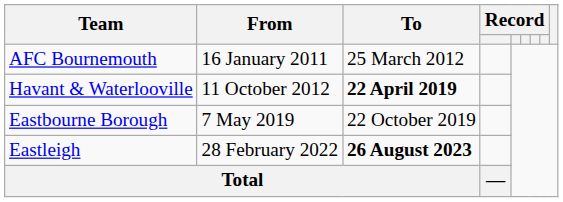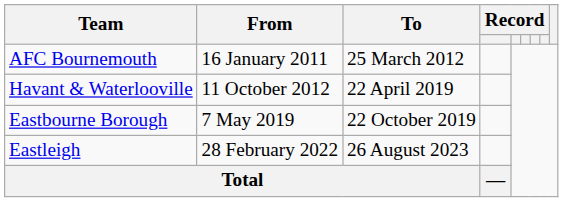 <table class=wikitable style=text-align:center>
 <tr>
 <th rowspan=2>Team</th>
 <th rowspan=2>From</th>
 <th rowspan=2>To</th>
 <th colspan=5>Record</th>
 <th rowspan=2></th>
 </tr>
 <tr>
 <th></th>
 <th></th>
 <th></th>
 <th></th>
 <th></th>
 </tr>
 <tr>
 <td align=left><a href='#'>AFC Bournemouth</a></td>
 <td align=left>16 January 2011</td>
 <td align=left>25 March 2012<br></td>
 <td></td>
 </tr>
 <tr>
 <td align=left><a href='#'>Havant & Waterlooville</a></td>
 <td align=left>11 October 2012</td>
-<td align=left><strong>22 April 2019<br></strong></td>
+<td align=left>22 April 2019<br></td>
 <td></td>
 </tr>
 <tr>
 <td align=left><a href='#'>Eastbourne Borough</a></td>
 <td align=left>7 May 2019</td>
 <td align=left>22 October 2019<br></td>
 <td></td>
 </tr>
 <tr>
 <td align=left><a href='#'>Eastleigh</a></td>
 <td align=left>28 February 2022</td>
-<td align=left><strong>26 August 2023<br></strong></td>
+<td align=left>26 August 2023<br></td>
 <td></td>
 </tr>
 <tr>
 <th colspan="3">Total<br></th>
 <th>—</th>
 </tr>
 </table>
